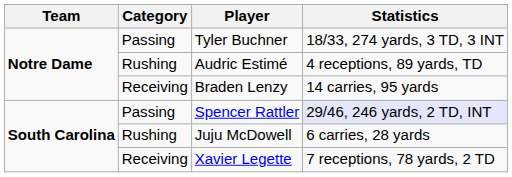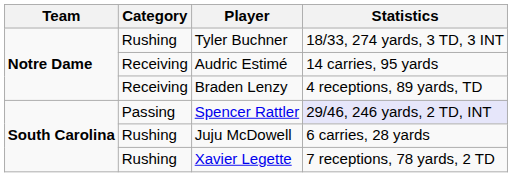 <table class="wikitable" style="float: right;">
 <tr>
 <th>Team</th>
 <th>Category</th>
 <th>Player</th>
 <th>Statistics</th>
 </tr>
 <tr>
 <td rowspan=3><strong>Notre Dame</strong></td>
-<td>Passing</td>
+<td>Rushing</td>
 <td>Tyler Buchner</td>
 <td>18/33, 274 yards, 3 TD, 3 INT</td>
 </tr>
 <tr>
-<td>Rushing</td>
+<td>Receiving</td>
 <td>Audric Estimé</td>
-<td>4 receptions, 89 yards, TD</td>
+<td>14 carries, 95 yards</td>
 </tr>
 <tr>
 <td>Receiving</td>
 <td>Braden Lenzy</td>
-<td>14 carries, 95 yards</td>
+<td>4 receptions, 89 yards, TD</td>
 </tr>
 <tr>
 <td rowspan=3><strong>South Carolina</strong></td>
 <td>Passing</td>
 <td><a href='#'>Spencer Rattler</a></td>
 <td style="background: lavender;">29/46, 246 yards, 2 TD, INT</td>
 </tr>
 <tr>
 <td>Rushing</td>
 <td>Juju McDowell</td>
 <td>6 carries, 28 yards</td>
 </tr>
 <tr>
-<td>Receiving</td>
+<td>Rushing</td>
 <td><a href='#'>Xavier Legette</a></td>
 <td>7 receptions, 78 yards, 2 TD</td>
 </tr>
 </table>
